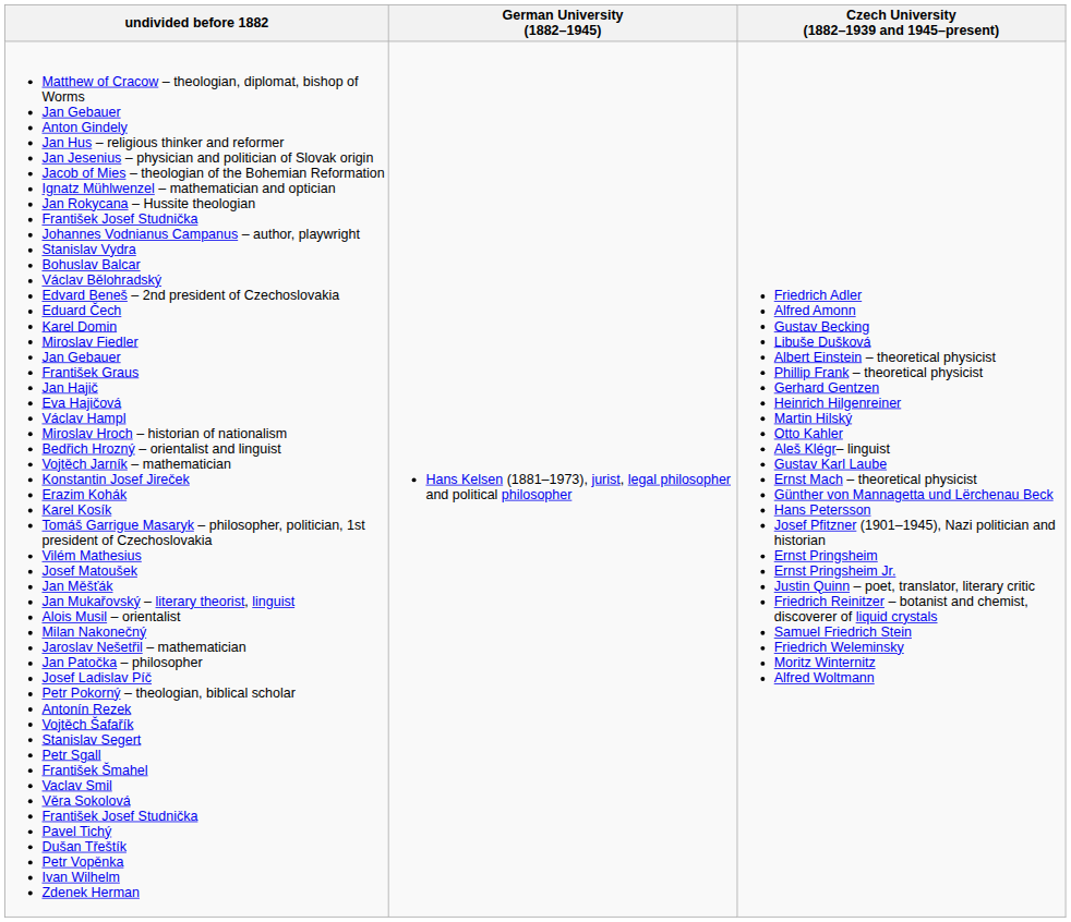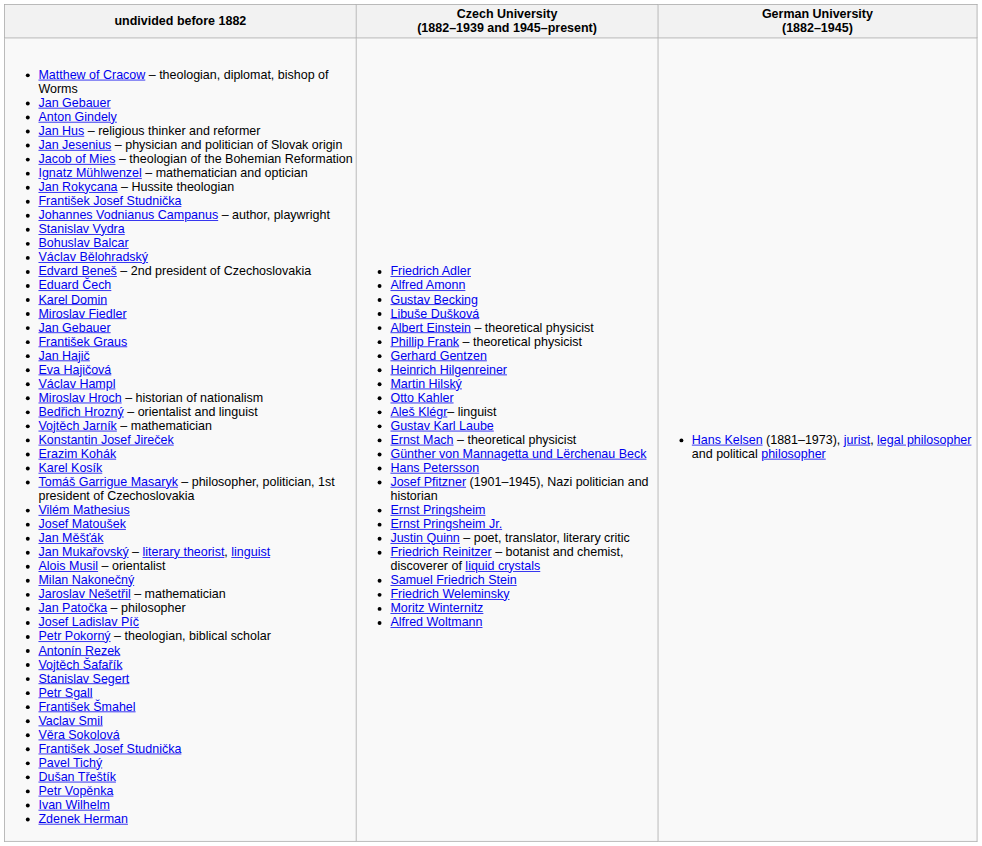 <table class="wikitable">
 <tr>
 <th>undivided before 1882</th>
+<th>Czech University <br>(1882–1939 and 1945–present)</th>
 <th>German University <br>(1882–1945)</th>
-<th>Czech University <br>(1882–1939 and 1945–present)</th>
 </tr>
 <tr>
 <td><br><ul><li><a href='#'>Matthew of Cracow</a> – theologian, diplomat, bishop of Worms</li><li><a href='#'>Jan Gebauer</a></li><li><a href='#'>Anton Gindely</a></li><li><a href='#'>Jan Hus</a> – religious thinker and reformer</li><li><a href='#'>Jan Jesenius</a> – physician and politician of Slovak origin</li><li><a href='#'>Jacob of Mies</a> – theologian of the Bohemian Reformation</li><li><a href='#'>Ignatz Mühlwenzel</a> – mathematician and optician</li><li><a href='#'>Jan Rokycana</a> – Hussite theologian</li><li><a href='#'>František Josef Studnička</a></li><li><a href='#'>Johannes Vodnianus Campanus</a> – author, playwright</li><li><a href='#'>Stanislav Vydra</a></li><li><a href='#'>Bohuslav Balcar</a></li><li><a href='#'>Václav Bělohradský</a></li><li><a href='#'>Edvard Beneš</a> – 2nd president of Czechoslovakia</li><li><a href='#'>Eduard Čech</a></li><li><a href='#'>Karel Domin</a></li><li><a href='#'>Miroslav Fiedler</a></li><li><a href='#'>Jan Gebauer</a></li><li><a href='#'>František Graus</a></li><li><a href='#'>Jan Hajič</a></li><li><a href='#'>Eva Hajičová</a></li><li><a href='#'>Václav Hampl</a></li><li><a href='#'>Miroslav Hroch</a> – historian of nationalism</li><li><a href='#'>Bedřich Hrozný</a> – orientalist and linguist</li><li><a href='#'>Vojtěch Jarník</a> – mathematician</li><li><a href='#'>Konstantin Josef Jireček</a></li><li><a href='#'>Erazim Kohák</a></li><li><a href='#'>Karel Kosík</a></li><li><a href='#'>Tomáš Garrigue Masaryk</a> – philosopher, politician, 1st president of Czechoslovakia</li><li><a href='#'>Vilém Mathesius</a></li><li><a href='#'>Josef Matoušek</a></li><li><a href='#'>Jan Měšťák</a></li><li><a href='#'>Jan Mukařovský</a> – <a href='#'>literary theorist</a>, <a href='#'>linguist</a></li><li><a href='#'>Alois Musil</a> – orientalist</li><li><a href='#'>Milan Nakonečný</a></li><li><a href='#'>Jaroslav Nešetřil</a> – mathematician</li><li><a href='#'>Jan Patočka</a> – philosopher</li><li><a href='#'>Josef Ladislav Píč</a></li><li><a href='#'>Petr Pokorný</a> – theologian, biblical scholar</li><li><a href='#'>Antonín Rezek</a></li><li><a href='#'>Vojtěch Šafařík</a></li><li><a href='#'>Stanislav Segert</a></li><li><a href='#'>Petr Sgall</a></li><li><a href='#'>František Šmahel</a></li><li><a href='#'>Vaclav Smil</a></li><li><a href='#'>Věra Sokolová</a></li><li><a href='#'>František Josef Studnička</a></li><li><a href='#'>Pavel Tichý</a></li><li><a href='#'>Dušan Třeštík</a></li><li><a href='#'>Petr Vopěnka</a></li><li><a href='#'>Ivan Wilhelm</a></li><li><a href='#'>Zdenek Herman</a></li></ul></td>
+<td><br><ul><li><a href='#'>Friedrich Adler</a></li><li><a href='#'>Alfred Amonn</a></li><li><a href='#'>Gustav Becking</a></li><li><a href='#'>Libuše Dušková</a></li><li><a href='#'>Albert Einstein</a> – theoretical physicist</li><li><a href='#'>Phillip Frank</a> – theoretical physicist</li><li><a href='#'>Gerhard Gentzen</a></li><li><a href='#'>Heinrich Hilgenreiner</a></li><li><a href='#'>Martin Hilský</a></li><li><a href='#'>Otto Kahler</a></li><li><a href='#'>Aleš Klégr</a>– linguist</li><li><a href='#'>Gustav Karl Laube</a></li><li><a href='#'>Ernst Mach</a> – theoretical physicist</li><li><a href='#'>Günther von Mannagetta und Lërchenau Beck</a></li><li><a href='#'>Hans Petersson</a></li><li><a href='#'>Josef Pfitzner</a> (1901–1945), Nazi politician and historian</li><li><a href='#'>Ernst Pringsheim</a></li><li><a href='#'>Ernst Pringsheim Jr.</a></li><li><a href='#'>Justin Quinn</a> – poet, translator, literary critic</li><li><a href='#'>Friedrich Reinitzer</a> – botanist and chemist, discoverer of <a href='#'>liquid crystals</a></li><li><a href='#'>Samuel Friedrich Stein</a></li><li><a href='#'>Friedrich Weleminsky</a></li><li><a href='#'>Moritz Winternitz</a></li><li><a href='#'>Alfred Woltmann</a></li></ul></td>
 <td><br><ul><li><a href='#'>Hans Kelsen</a> (1881–1973), <a href='#'>jurist</a>, <a href='#'>legal philosopher</a> and political <a href='#'>philosopher</a></li></ul></td>
-<td><br><ul><li><a href='#'>Friedrich Adler</a></li><li><a href='#'>Alfred Amonn</a></li><li><a href='#'>Gustav Becking</a></li><li><a href='#'>Libuše Dušková</a></li><li><a href='#'>Albert Einstein</a> – theoretical physicist</li><li><a href='#'>Phillip Frank</a> – theoretical physicist</li><li><a href='#'>Gerhard Gentzen</a></li><li><a href='#'>Heinrich Hilgenreiner</a></li><li><a href='#'>Martin Hilský</a></li><li><a href='#'>Otto Kahler</a></li><li><a href='#'>Aleš Klégr</a>– linguist</li><li><a href='#'>Gustav Karl Laube</a></li><li><a href='#'>Ernst Mach</a> – theoretical physicist</li><li><a href='#'>Günther von Mannagetta und Lërchenau Beck</a></li><li><a href='#'>Hans Petersson</a></li><li><a href='#'>Josef Pfitzner</a> (1901–1945), Nazi politician and historian</li><li><a href='#'>Ernst Pringsheim</a></li><li><a href='#'>Ernst Pringsheim Jr.</a></li><li><a href='#'>Justin Quinn</a> – poet, translator, literary critic</li><li><a href='#'>Friedrich Reinitzer</a> – botanist and chemist, discoverer of <a href='#'>liquid crystals</a></li><li><a href='#'>Samuel Friedrich Stein</a></li><li><a href='#'>Friedrich Weleminsky</a></li><li><a href='#'>Moritz Winternitz</a></li><li><a href='#'>Alfred Woltmann</a></li></ul></td>
 </tr>
 </table>
